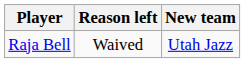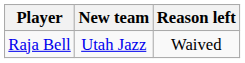 <table class="wikitable sortable sortable" style="text-align: center">
 <tr>
 <th>Player</th>
+<th>New team</th>
 <th>Reason left</th>
-<th>New team</th>
 </tr>
 <tr style="text-align: center">
 <td><a href='#'>Raja Bell</a></td>
+<td><a href='#'>Utah Jazz</a></td>
 <td>Waived</td>
-<td><a href='#'>Utah Jazz</a></td>
 </tr>
 </table>
